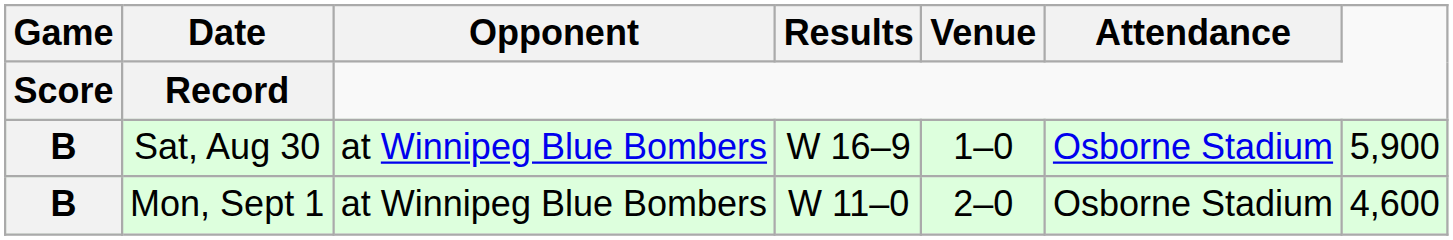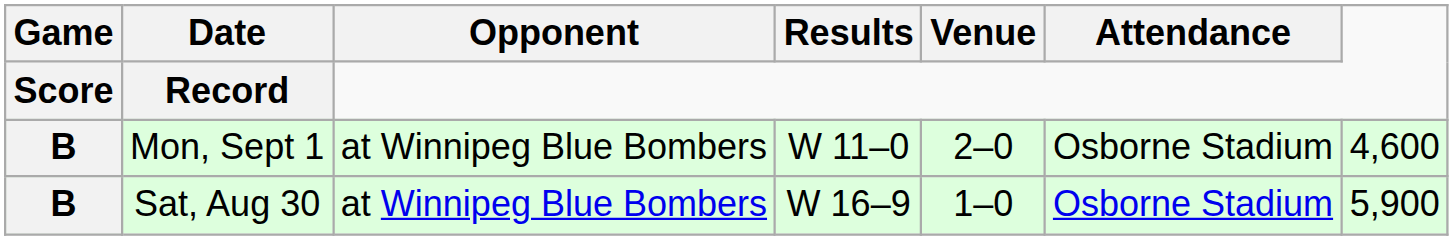 <table class="wikitable" style="text-align:center">
 <tr>
 <th>Game</th>
 <th>Date</th>
 <th>Opponent</th>
 <th>Results</th>
 <th>Venue</th>
 <th>Attendance</th>
 </tr>
 <tr>
 <th>Score</th>
 <th>Record</th>
 </tr>
 <tr style="background:#ddffdd">
 <th>B</th>
+<td>Mon, Sept 1</td>
+<td>at Winnipeg Blue Bombers</td>
+<td>W 11–0</td>
+<td>2–0</td>
+<td>Osborne Stadium</td>
+<td>4,600</td>
+</tr>
+<tr style="background:#ddffdd">
+<th>B</th>
 <td>Sat, Aug 30</td>
 <td>at <a href='#'>Winnipeg Blue Bombers</a></td>
 <td>W 16–9</td>
 <td>1–0</td>
 <td><a href='#'>Osborne Stadium</a></td>
 <td>5,900</td>
 </tr>
-<tr style="background:#ddffdd">
-<th>B</th>
-<td>Mon, Sept 1</td>
-<td>at Winnipeg Blue Bombers</td>
-<td>W 11–0</td>
-<td>2–0</td>
-<td>Osborne Stadium</td>
-<td>4,600</td>
-</tr>
 </table>
